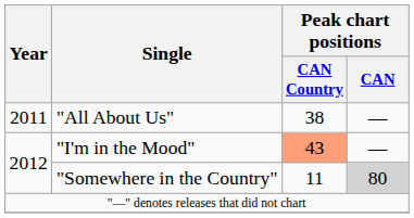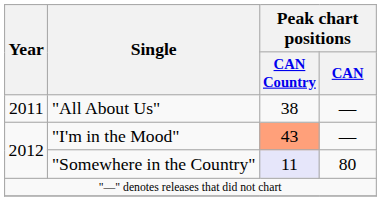 <table class="wikitable" style="text-align:center;">
 <tr>
 <th rowspan="2">Year</th>
 <th rowspan="2">Single</th>
 <th colspan="2">Peak chart<br>positions</th>
 </tr>
 <tr style="font-size:smaller;">
 <th width="45"><a href='#'>CAN Country</a><br></th>
 <th width="45"><a href='#'>CAN</a><br></th>
 </tr>
 <tr>
 <td>2011</td>
 <td align="left">"All About Us"</td>
 <td>38</td>
 <td>—</td>
 </tr>
 <tr>
 <td rowspan="2">2012</td>
 <td align="left">"I'm in the Mood"</td>
 <td style="background: lightsalmon;">43</td>
 <td>—</td>
 </tr>
 <tr>
 <td align="left">"Somewhere in the Country"</td>
-<td>11</td>
-<td style="background: lightgrey;">80</td>
+<td style="background: lavender;">11</td>
+<td>80</td>
 </tr>
 <tr>
 <td colspan="4" style="font-size:8pt">"—" denotes releases that did not chart</td>
 </tr>
 <tr>
 </tr>
 </table>
